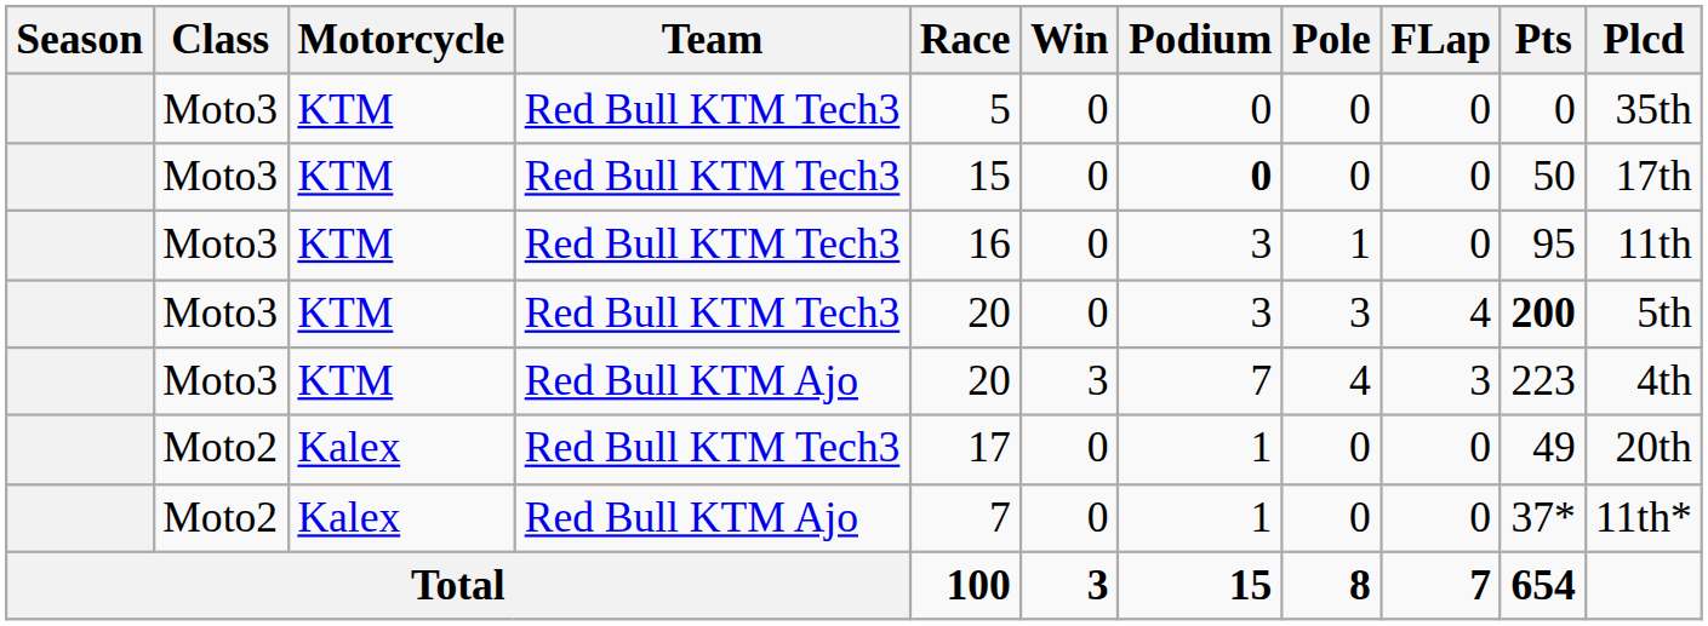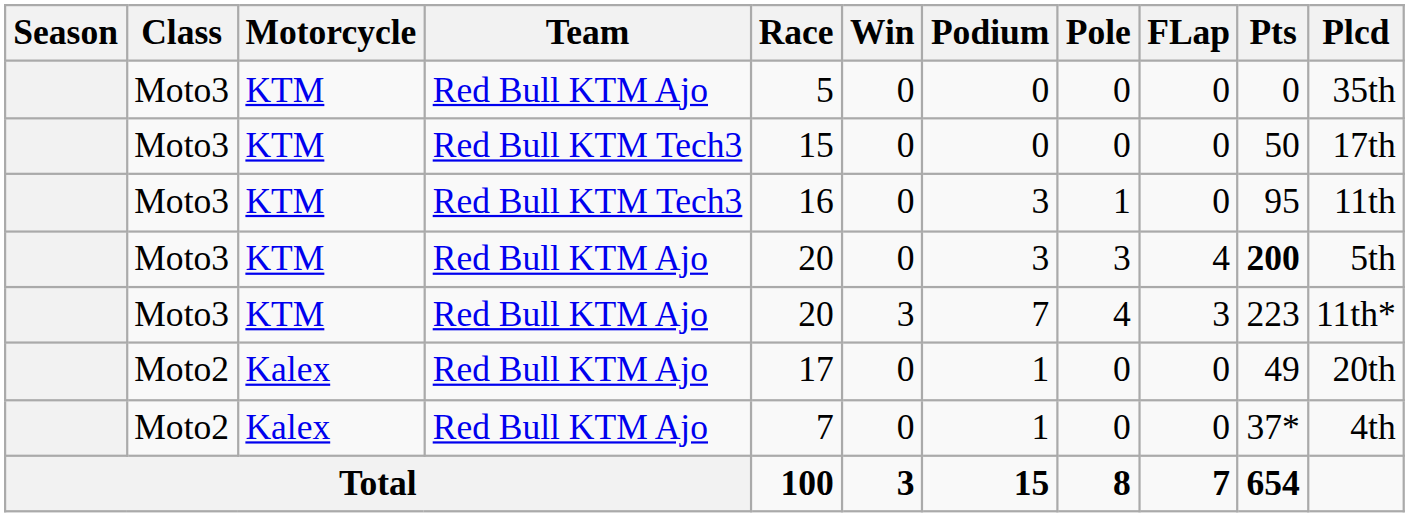 <table class="wikitable" style="text-align:right;">
 <tr>
 <th>Season</th>
 <th>Class</th>
 <th>Motorcycle</th>
 <th>Team</th>
 <th>Race</th>
 <th>Win</th>
 <th>Podium</th>
 <th>Pole</th>
 <th>FLap</th>
 <th>Pts</th>
 <th>Plcd</th>
 </tr>
 <tr>
 <th></th>
 <td>Moto3</td>
 <td style="text-align:left;"><a href='#'>KTM</a></td>
-<td style="text-align:left;"><a href='#'>Red Bull KTM Tech3</a></td>
+<td style="text-align:left;"><a href='#'>Red Bull KTM Ajo</a></td>
 <td>5</td>
 <td>0</td>
 <td>0</td>
 <td>0</td>
 <td>0</td>
 <td>0</td>
 <td>35th</td>
 </tr>
 <tr>
 <th></th>
 <td>Moto3</td>
 <td style="text-align:left;"><a href='#'>KTM</a></td>
 <td style="text-align:left;"><a href='#'>Red Bull KTM Tech3</a></td>
 <td>15</td>
 <td>0</td>
-<td><strong>0</strong></td>
+<td>0</td>
 <td>0</td>
 <td>0</td>
 <td>50</td>
 <td>17th</td>
 </tr>
 <tr>
 <th></th>
 <td>Moto3</td>
 <td style="text-align:left;"><a href='#'>KTM</a></td>
 <td style="text-align:left;"><a href='#'>Red Bull KTM Tech3</a></td>
 <td>16</td>
 <td>0</td>
 <td>3</td>
 <td>1</td>
 <td>0</td>
 <td>95</td>
 <td>11th</td>
 </tr>
 <tr>
 <th></th>
 <td>Moto3</td>
 <td style="text-align:left;"><a href='#'>KTM</a></td>
-<td style="text-align:left;"><a href='#'>Red Bull KTM Tech3</a></td>
+<td style="text-align:left;"><a href='#'>Red Bull KTM Ajo</a></td>
 <td>20</td>
 <td>0</td>
 <td>3</td>
 <td>3</td>
 <td>4</td>
 <td><strong>200</strong></td>
 <td>5th</td>
 </tr>
 <tr>
 <th></th>
 <td>Moto3</td>
 <td style="text-align:left;"><a href='#'>KTM</a></td>
 <td style="text-align:left;"><a href='#'>Red Bull KTM Ajo</a></td>
 <td>20</td>
 <td>3</td>
 <td>7</td>
 <td>4</td>
 <td>3</td>
 <td>223</td>
-<td>4th</td>
+<td>11th*</td>
 </tr>
 <tr>
 <th></th>
 <td>Moto2</td>
 <td style="text-align:left;"><a href='#'>Kalex</a></td>
-<td style="text-align:left;"><a href='#'>Red Bull KTM Tech3</a></td>
+<td style="text-align:left;"><a href='#'>Red Bull KTM Ajo</a></td>
 <td>17</td>
 <td>0</td>
 <td>1</td>
 <td>0</td>
 <td>0</td>
 <td>49</td>
 <td>20th</td>
 </tr>
 <tr>
 <th></th>
 <td>Moto2</td>
 <td style="text-align:left;"><a href='#'>Kalex</a></td>
 <td style="text-align:left;"><a href='#'>Red Bull KTM Ajo</a></td>
 <td>7</td>
 <td>0</td>
 <td>1</td>
 <td>0</td>
 <td>0</td>
 <td>37*</td>
-<td>11th*</td>
+<td>4th</td>
 </tr>
 <tr>
 <th colspan="4">Total</th>
 <td><strong>100</strong></td>
 <td><strong>3</strong></td>
 <td><strong>15</strong></td>
 <td><strong>8</strong></td>
 <td><strong>7</strong></td>
 <td><strong>654</strong></td>
 <td></td>
 </tr>
 </table>
